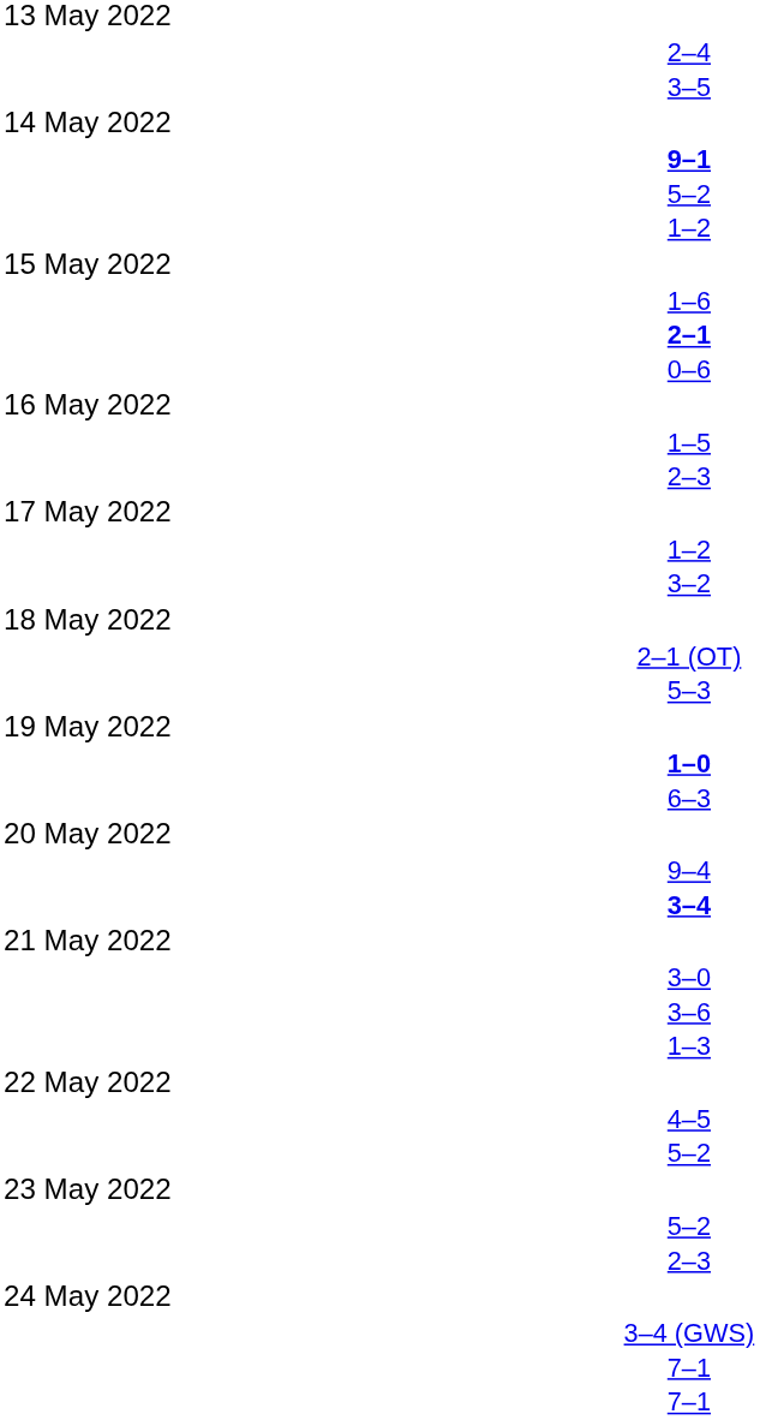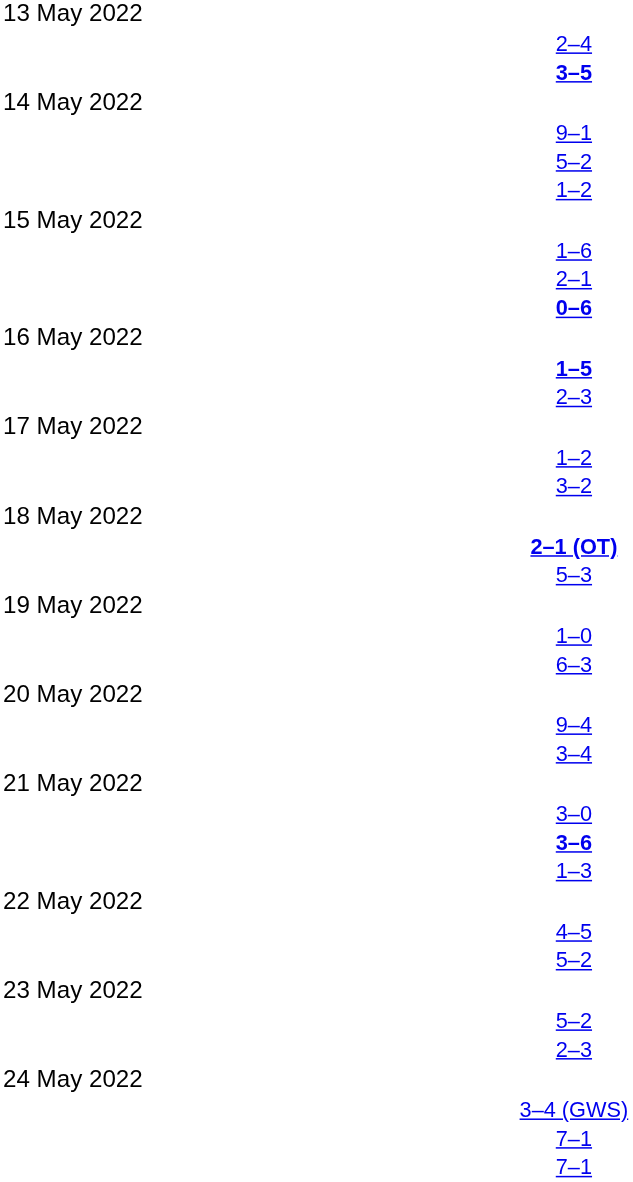 <table style="width:100%;" cellspacing="1">
 <tr>
 <th width=25%></th>
 <th width=2%></th>
 <th width=6%></th>
 <th width=2%></th>
 <th width=25%></th>
 </tr>
 <tr>
 <td>13 May 2022</td>
 </tr>
 <tr style=font-size:90%>
 <td align=right></td>
 <td></td>
 <td align=center><a href='#'>2–4</a></td>
 <td></td>
 <td></td>
 <td></td>
 </tr>
 <tr style=font-size:90%>
 <td align=right></td>
 <td></td>
-<td align=center><a href='#'>3–5</a></td>
+<td align=center><strong><a href='#'>3–5</a></strong></td>
 <td></td>
 <td></td>
 <td></td>
 </tr>
 <tr>
 <td>14 May 2022</td>
 </tr>
 <tr style=font-size:90%>
 <td align=right></td>
 <td></td>
-<td align=center><strong><a href='#'>9–1</a></strong></td>
+<td align=center><a href='#'>9–1</a></td>
 <td></td>
 <td></td>
 <td></td>
 </tr>
 <tr style=font-size:90%>
 <td align=right></td>
 <td></td>
 <td align=center><a href='#'>5–2</a></td>
 <td></td>
 <td></td>
 <td></td>
 </tr>
 <tr style=font-size:90%>
 <td align=right></td>
 <td></td>
 <td align=center><a href='#'>1–2</a></td>
 <td></td>
 <td></td>
 <td></td>
 </tr>
 <tr>
 <td>15 May 2022</td>
 </tr>
 <tr style=font-size:90%>
 <td align=right></td>
 <td></td>
 <td align=center><a href='#'>1–6</a></td>
 <td></td>
 <td></td>
 <td></td>
 </tr>
 <tr style=font-size:90%>
 <td align=right></td>
 <td></td>
-<td align=center><strong><a href='#'>2–1</a></strong></td>
+<td align=center><a href='#'>2–1</a></td>
 <td></td>
 <td></td>
 <td></td>
 </tr>
 <tr style=font-size:90%>
 <td align=right></td>
 <td></td>
-<td align=center><a href='#'>0–6</a></td>
+<td align=center><strong><a href='#'>0–6</a></strong></td>
 <td></td>
 <td></td>
 <td></td>
 </tr>
 <tr>
 <td>16 May 2022</td>
 </tr>
 <tr style=font-size:90%>
 <td align=right></td>
 <td></td>
-<td align=center><a href='#'>1–5</a></td>
+<td align=center><strong><a href='#'>1–5</a></strong></td>
 <td></td>
 <td></td>
 <td></td>
 </tr>
 <tr style=font-size:90%>
 <td align=right></td>
 <td></td>
 <td align=center><a href='#'>2–3</a></td>
 <td></td>
 <td></td>
 <td></td>
 </tr>
 <tr>
 <td>17 May 2022</td>
 </tr>
 <tr style=font-size:90%>
 <td align=right></td>
 <td></td>
 <td align=center><a href='#'>1–2</a></td>
 <td></td>
 <td></td>
 <td></td>
 </tr>
 <tr style=font-size:90%>
 <td align=right></td>
 <td></td>
 <td align=center><a href='#'>3–2</a></td>
 <td></td>
 <td></td>
 <td></td>
 </tr>
 <tr>
 <td>18 May 2022</td>
 </tr>
 <tr style=font-size:90%>
 <td align=right></td>
 <td></td>
-<td align=center><a href='#'>2–1 (OT)</a></td>
+<td align=center><strong><a href='#'>2–1 (OT)</a></strong></td>
 <td></td>
 <td></td>
 <td></td>
 </tr>
 <tr style=font-size:90%>
 <td align=right></td>
 <td></td>
 <td align=center><a href='#'>5–3</a></td>
 <td></td>
 <td></td>
 <td></td>
 </tr>
 <tr>
 <td>19 May 2022</td>
 </tr>
 <tr style=font-size:90%>
 <td align=right></td>
 <td></td>
-<td align=center><strong><a href='#'>1–0</a></strong></td>
+<td align=center><a href='#'>1–0</a></td>
 <td></td>
 <td></td>
 <td></td>
 </tr>
 <tr style=font-size:90%>
 <td align=right></td>
 <td></td>
 <td align=center><a href='#'>6–3</a></td>
 <td></td>
 <td></td>
 <td></td>
 </tr>
 <tr>
 <td>20 May 2022</td>
 </tr>
 <tr style=font-size:90%>
 <td align=right></td>
 <td></td>
 <td align=center><a href='#'>9–4</a></td>
 <td></td>
 <td></td>
 <td></td>
 </tr>
 <tr style=font-size:90%>
 <td align=right></td>
 <td></td>
-<td align=center><strong><a href='#'>3–4</a></strong></td>
+<td align=center><a href='#'>3–4</a></td>
 <td></td>
 <td></td>
 <td></td>
 </tr>
 <tr>
 <td>21 May 2022</td>
 </tr>
 <tr style=font-size:90%>
 <td align=right></td>
 <td></td>
 <td align=center><a href='#'>3–0</a></td>
 <td></td>
 <td></td>
 <td></td>
 </tr>
 <tr style=font-size:90%>
 <td align=right></td>
 <td></td>
-<td align=center><a href='#'>3–6</a></td>
+<td align=center><strong><a href='#'>3–6</a></strong></td>
 <td></td>
 <td></td>
 <td></td>
 </tr>
 <tr style=font-size:90%>
 <td align=right></td>
 <td></td>
 <td align=center><a href='#'>1–3</a></td>
 <td></td>
 <td></td>
 <td></td>
 </tr>
 <tr>
 <td>22 May 2022</td>
 </tr>
 <tr style=font-size:90%>
 <td align=right></td>
 <td></td>
 <td align=center><a href='#'>4–5</a></td>
 <td></td>
 <td></td>
 <td></td>
 </tr>
 <tr style=font-size:90%>
 <td align=right></td>
 <td></td>
 <td align=center><a href='#'>5–2</a></td>
 <td></td>
 <td></td>
 <td></td>
 </tr>
 <tr>
 <td>23 May 2022</td>
 </tr>
 <tr style=font-size:90%>
 <td align=right></td>
 <td></td>
 <td align=center><a href='#'>5–2</a></td>
 <td></td>
 <td></td>
 <td></td>
 </tr>
 <tr style=font-size:90%>
 <td align=right></td>
 <td></td>
 <td align=center><a href='#'>2–3</a></td>
 <td></td>
 <td></td>
 <td></td>
 </tr>
 <tr>
 <td>24 May 2022</td>
 </tr>
 <tr style=font-size:90%>
 <td align=right></td>
 <td></td>
 <td align=center><a href='#'>3–4 (GWS)</a></td>
 <td></td>
 <td></td>
 <td></td>
 </tr>
 <tr style=font-size:90%>
 <td align=right></td>
 <td></td>
 <td align=center><a href='#'>7–1</a></td>
 <td></td>
 <td></td>
 <td></td>
 </tr>
 <tr style=font-size:90%>
 <td align=right></td>
 <td></td>
 <td align=center><a href='#'>7–1</a></td>
 <td></td>
 <td></td>
 <td></td>
 </tr>
 </table>
